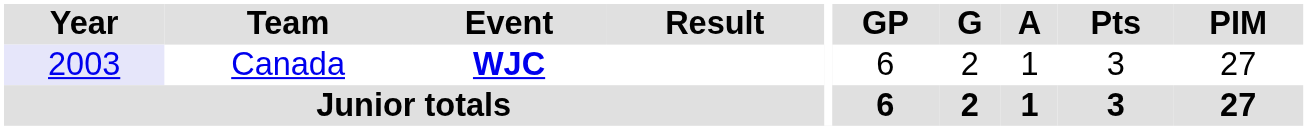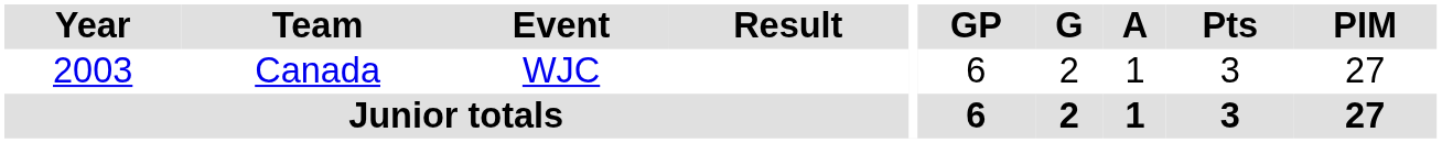 <table border="0" cellpadding="1" cellspacing="0" ID="Table3" style="text-align:center; width:40em">
 <tr ALIGN="center" bgcolor="#e0e0e0">
 <th>Year</th>
 <th>Team</th>
 <th>Event</th>
 <th>Result</th>
 <th rowspan="99" bgcolor="#ffffff"></th>
 <th>GP</th>
 <th>G</th>
 <th>A</th>
 <th>Pts</th>
 <th>PIM</th>
 </tr>
 <tr>
-<td style="background: lavender;"><a href='#'>2003</a></td>
+<td><a href='#'>2003</a></td>
 <td><a href='#'>Canada</a></td>
-<td><strong><a href='#'>WJC</a></strong></td>
+<td><a href='#'>WJC</a></td>
 <td></td>
 <td>6</td>
 <td>2</td>
 <td>1</td>
 <td>3</td>
 <td>27</td>
 </tr>
 <tr bgcolor="#e0e0e0">
 <th colspan=4>Junior totals</th>
 <th>6</th>
 <th>2</th>
 <th>1</th>
 <th>3</th>
 <th>27</th>
 </tr>
 </table>
